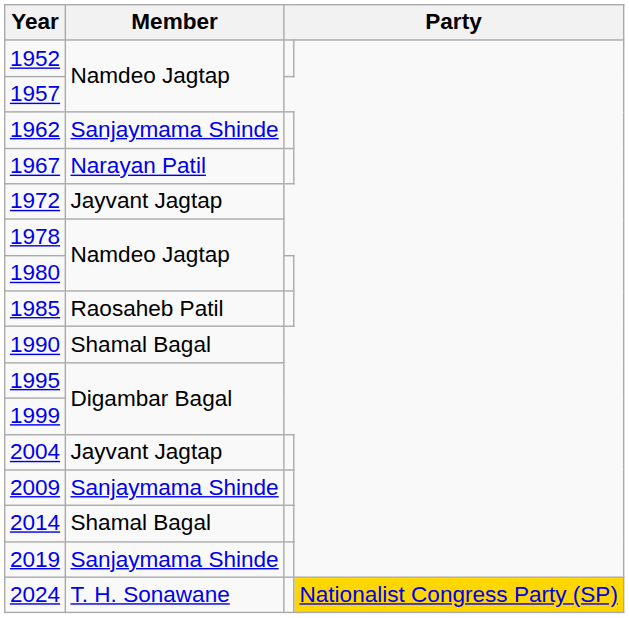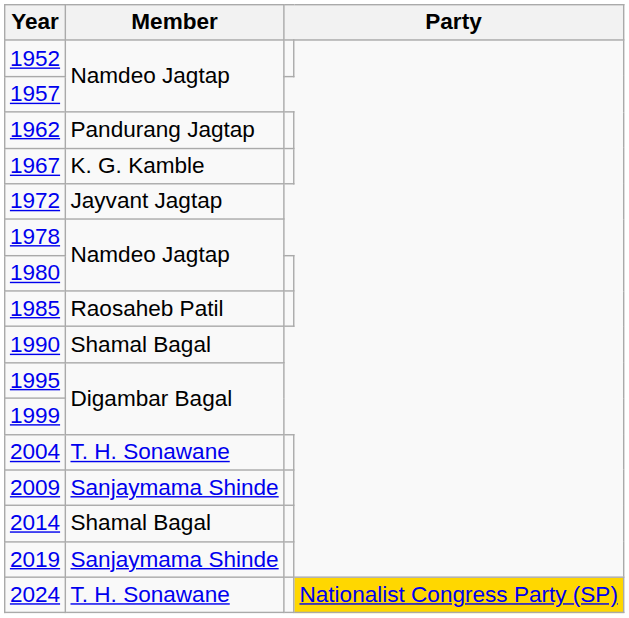 <table class="wikitable">
 <tr>
 <th>Year</th>
 <th>Member</th>
 <th colspan="2">Party</th>
 </tr>
 <tr>
 <td><a href='#'>1952</a></td>
 <td rowspan=2>Namdeo Jagtap</td>
 <td></td>
 </tr>
 <tr>
 <td><a href='#'>1957</a></td>
 </tr>
 <tr>
 <td><a href='#'>1962</a></td>
-<td><a href='#'>Sanjaymama Shinde</a></td>
+<td>Pandurang Jagtap</td>
 <td></td>
 </tr>
 <tr>
 <td><a href='#'>1967</a></td>
-<td><a href='#'>Narayan Patil</a></td>
+<td>K. G. Kamble</td>
 <td></td>
 </tr>
 <tr>
 <td><a href='#'>1972</a></td>
 <td>Jayvant Jagtap</td>
 </tr>
 <tr>
 <td><a href='#'>1978</a></td>
 <td rowspan="2">Namdeo Jagtap</td>
 </tr>
 <tr>
 <td><a href='#'>1980</a></td>
 <td></td>
 </tr>
 <tr>
 <td><a href='#'>1985</a></td>
 <td>Raosaheb Patil</td>
 <td></td>
 </tr>
 <tr>
 <td><a href='#'>1990</a></td>
 <td>Shamal Bagal</td>
 </tr>
 <tr>
 <td><a href='#'>1995</a></td>
 <td rowspan="2">Digambar Bagal</td>
 </tr>
 <tr>
 <td><a href='#'>1999</a></td>
 </tr>
 <tr>
 <td><a href='#'>2004</a></td>
-<td>Jayvant Jagtap</td>
+<td><a href='#'>T. H. Sonawane</a></td>
 <td></td>
 </tr>
 <tr>
 <td><a href='#'>2009</a></td>
 <td><a href='#'>Sanjaymama Shinde</a></td>
 <td></td>
 </tr>
 <tr>
 <td><a href='#'>2014</a></td>
 <td>Shamal Bagal</td>
 <td></td>
 </tr>
 <tr>
 <td><a href='#'>2019</a></td>
 <td><a href='#'>Sanjaymama Shinde</a></td>
 <td></td>
 </tr>
 <tr>
 <td><a href='#'>2024</a></td>
 <td><a href='#'>T. H. Sonawane</a></td>
 <td style="background-color: "></td>
 <td style="background: gold;"><a href='#'>Nationalist Congress Party (SP)</a></td>
 </tr>
 </table>
